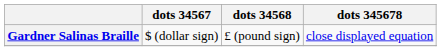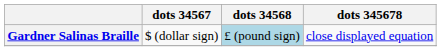 <table class="wikitable">
 <tr>
 <th></th>
 <th>dots 34567</th>
 <th>dots 34568</th>
 <th>dots 345678</th>
 </tr>
 <tr>
 <th align=left><a href='#'>Gardner Salinas Braille</a></th>
 <td>$ (dollar sign)</td>
-<td>£ (pound sign)</td>
+<td style="background: lightblue;">£ (pound sign)</td>
 <td><a href='#'>close displayed equation</a></td>
 </tr>
 <tr>
 </tr>
 <tr>
 </tr>
 </table>
